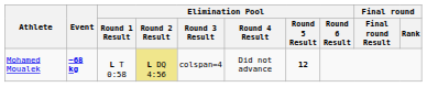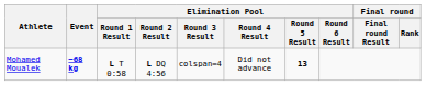 <table class="wikitable" style="font-size:90%">
 <tr>
 <th rowspan="2">Athlete</th>
 <th rowspan="2">Event</th>
 <th colspan=6>Elimination Pool</th>
 <th colspan=2>Final round</th>
 </tr>
 <tr style="font-size: 95%">
 <th>Round 1<br>Result</th>
 <th>Round 2<br>Result</th>
 <th>Round 3<br>Result</th>
 <th>Round 4<br>Result</th>
 <th>Round 5<br>Result</th>
 <th>Round 6<br>Result</th>
 <th>Final round<br>Result</th>
 <th>Rank</th>
 </tr>
 <tr align=center>
 <td align=left><a href='#'>Mohamed Moualek</a></td>
 <td align=left><strong><a href='#'>−68 kg</a></strong></td>
 <td><br><strong>L</strong> T 0:58</td>
-<td style="background: khaki;"><br><strong>L</strong> DQ 4:56</td>
+<td><br><strong>L</strong> DQ 4:56</td>
 <td>colspan=4 </td>
 <td>Did not advance</td>
-<td><strong>12</strong></td>
+<td><strong>13</strong></td>
 </tr>
 </table>
